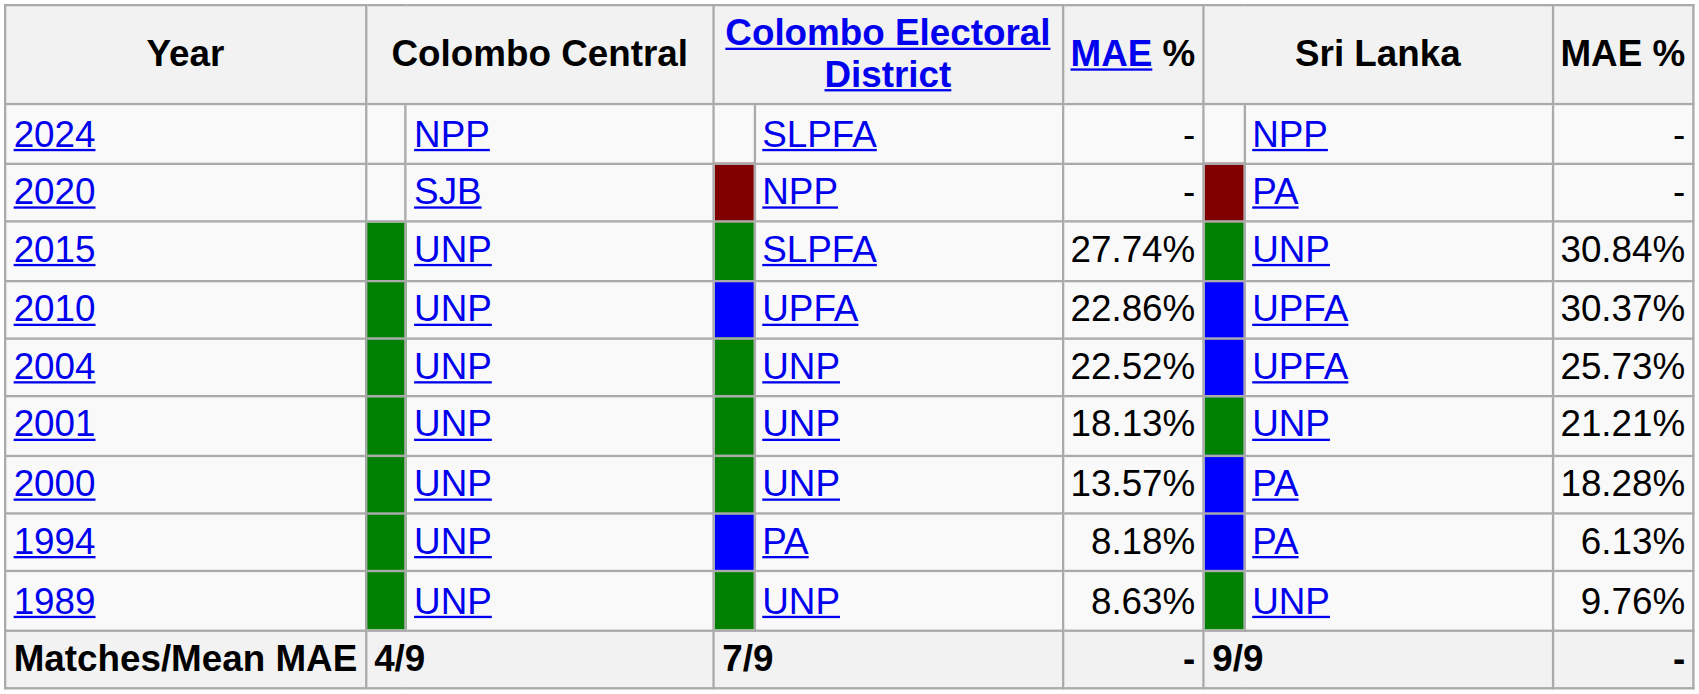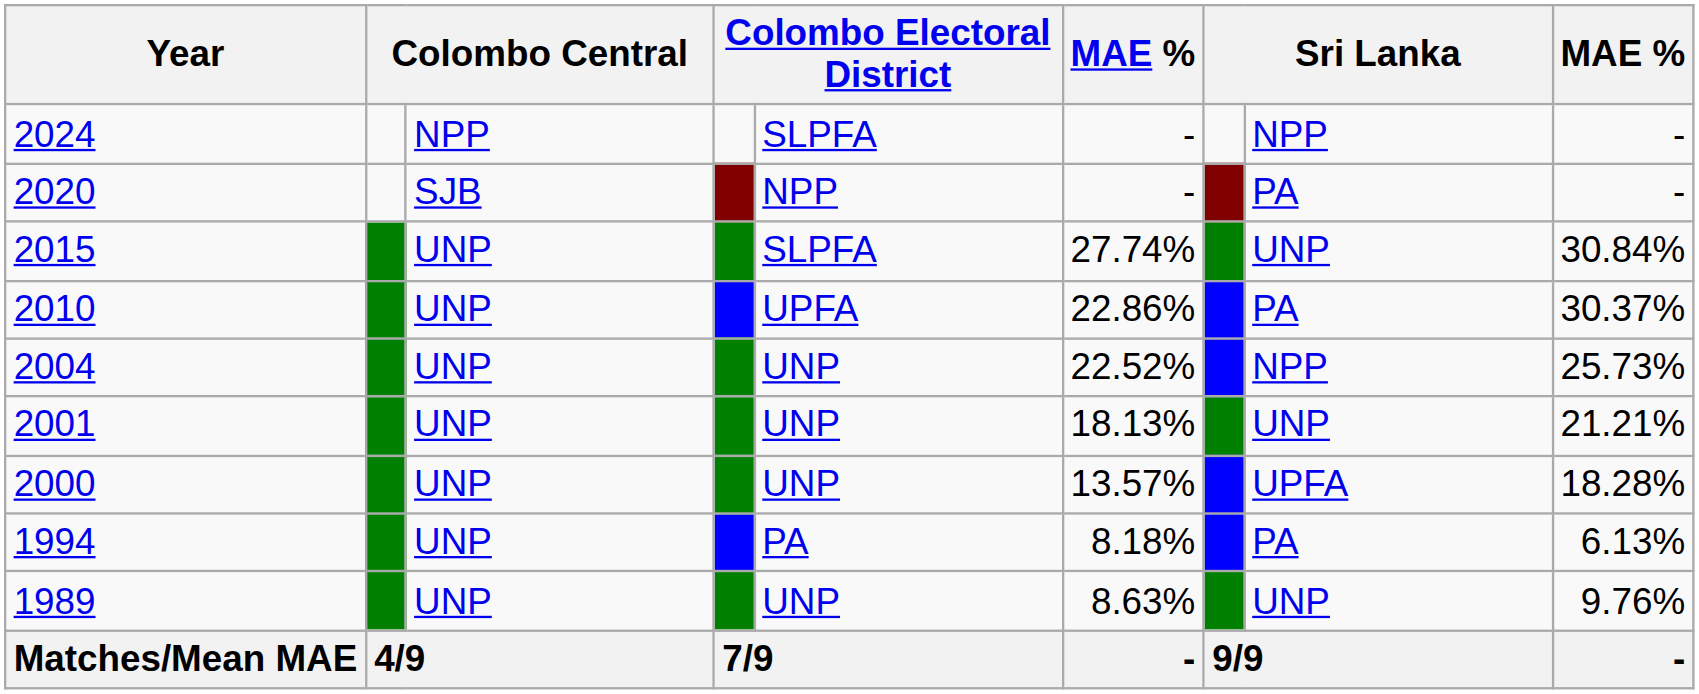 <table class="wikitable">
 <tr>
 <th>Year</th>
 <th colspan="2" width="144px">Colombo Central</th>
 <th colspan="2" width="144px"><a href='#'>Colombo Electoral District</a></th>
 <th><a href='#'>MAE</a> %</th>
 <th colspan="2" width="144px">Sri Lanka</th>
 <th>MAE %</th>
 </tr>
 <tr>
 <td><a href='#'>2024</a></td>
 <td style="background-color:"></td>
 <td style="text-align:left;"><a href='#'>NPP</a></td>
 <td style="background-color:"></td>
 <td style="text-align:left;"><a href='#'>SLPFA</a></td>
 <td style="text-align:right;">-</td>
 <td style="background-color:"></td>
 <td style="text-align:left;"><a href='#'>NPP</a></td>
 <td style="text-align:right;">-</td>
 </tr>
 <tr>
 <td><a href='#'>2020</a></td>
 <td style="background-color:"></td>
 <td style="text-align:left;"><a href='#'>SJB</a></td>
 <td style="background-color:maroon;" width="10px"></td>
 <td style="text-align:left;"><a href='#'>NPP</a></td>
 <td style="text-align:right;">-</td>
 <td style="background-color:maroon;" width="10px"></td>
 <td style="text-align:left;"><a href='#'>PA</a></td>
 <td style="text-align:right;">-</td>
 </tr>
 <tr>
 <td><a href='#'>2015</a></td>
 <td style="background-color:green;" width="10px"></td>
 <td style="text-align:left;"><a href='#'>UNP</a></td>
 <td style="background-color:green;" width="10px"></td>
 <td style="text-align:left;"><a href='#'>SLPFA</a></td>
 <td style="text-align:right;">27.74%</td>
 <td style="background-color:green;" width="10px"></td>
 <td style="text-align:left;"><a href='#'>UNP</a></td>
 <td style="text-align:right;">30.84%</td>
 </tr>
 <tr>
 <td><a href='#'>2010</a></td>
 <td style="background-color:green;" width="10px"></td>
 <td style="text-align:left;"><a href='#'>UNP</a></td>
 <td style="background-color:blue;" width="10px"></td>
 <td style="text-align:left;"><a href='#'>UPFA</a></td>
 <td style="text-align:right;">22.86%</td>
 <td style="background-color:blue;" width="10px"></td>
-<td style="text-align:left;"><a href='#'>UPFA</a></td>
+<td style="text-align:left;"><a href='#'>PA</a></td>
 <td style="text-align:right;">30.37%</td>
 </tr>
 <tr>
 <td><a href='#'>2004</a></td>
 <td style="background-color:green;" width="10px"></td>
 <td style="text-align:left;"><a href='#'>UNP</a></td>
 <td style="background-color:green;" width="10px"></td>
 <td style="text-align:left;"><a href='#'>UNP</a></td>
 <td style="text-align:right;">22.52%</td>
 <td style="background-color:blue;" width="10px"></td>
-<td style="text-align:left;"><a href='#'>UPFA</a></td>
+<td style="text-align:left;"><a href='#'>NPP</a></td>
 <td style="text-align:right;">25.73%</td>
 </tr>
 <tr>
 <td><a href='#'>2001</a></td>
 <td style="background-color:green;" width="10px"></td>
 <td style="text-align:left;"><a href='#'>UNP</a></td>
 <td style="background-color:green;" width="10px"></td>
 <td style="text-align:left;"><a href='#'>UNP</a></td>
 <td style="text-align:right;">18.13%</td>
 <td style="background-color:green;" width="10px"></td>
 <td style="text-align:left;"><a href='#'>UNP</a></td>
 <td style="text-align:right;">21.21%</td>
 </tr>
 <tr>
 <td><a href='#'>2000</a></td>
 <td style="background-color:green;" width="10px"></td>
 <td style="text-align:left;"><a href='#'>UNP</a></td>
 <td style="background-color:green;" width="10px"></td>
 <td style="text-align:left;"><a href='#'>UNP</a></td>
 <td style="text-align:right;">13.57%</td>
 <td style="background-color:blue;" width="10px"></td>
-<td style="text-align:left;"><a href='#'>PA</a></td>
+<td style="text-align:left;"><a href='#'>UPFA</a></td>
 <td style="text-align:right;">18.28%</td>
 </tr>
 <tr>
 <td><a href='#'>1994</a></td>
 <td style="background-color:green;" width="10px"></td>
 <td style="text-align:left;"><a href='#'>UNP</a></td>
 <td style="background-color:blue;" width="10px"></td>
 <td style="text-align:left;"><a href='#'>PA</a></td>
 <td style="text-align:right;">8.18%</td>
 <td style="background-color:blue;" width="10px"></td>
 <td style="text-align:left;"><a href='#'>PA</a></td>
 <td style="text-align:right;">6.13%</td>
 </tr>
 <tr>
 <td><a href='#'>1989</a></td>
 <td style="background-color:green;" width="10px"></td>
 <td style="text-align:left;"><a href='#'>UNP</a></td>
 <td style="background-color:green;" width="10px"></td>
 <td style="text-align:left;"><a href='#'>UNP</a></td>
 <td style="text-align:right;">8.63%</td>
 <td style="background-color:green;" width="10px"></td>
 <td style="text-align:left;"><a href='#'>UNP</a></td>
 <td style="text-align:right;">9.76%</td>
 </tr>
 <tr>
 <th>Matches/Mean MAE</th>
 <th style="text-align:left;"colspan="2" width="144px">4/9</th>
 <th style="text-align:left;"colspan="2" width="144px">7/9</th>
 <th style="text-align:right;">-</th>
 <th style="text-align:left;"colspan="2" width="144px">9/9</th>
 <th style="text-align:right;">-</th>
 </tr>
 </table>
